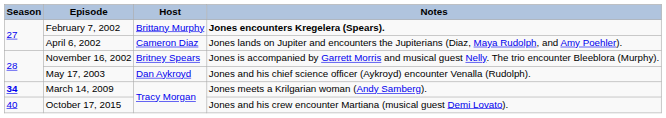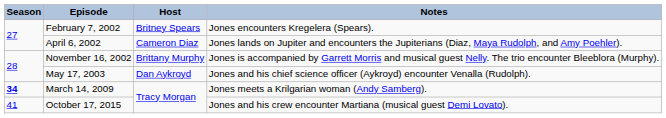 <table class="wikitable">
 <tr>
 <th style="background:#b0c4de;">Season</th>
 <th style="background:#b0c4de;">Episode</th>
 <th style="background:#b0c4de;">Host</th>
 <th style="background:#b0c4de;">Notes</th>
 </tr>
 <tr>
 <td rowspan="2"><a href='#'>27</a></td>
 <td>February 7, 2002</td>
-<td><a href='#'>Brittany Murphy</a></td>
-<td><strong>Jones encounters Kregelera (Spears).</strong></td>
+<td><a href='#'>Britney Spears</a></td>
+<td>Jones encounters Kregelera (Spears).</td>
 </tr>
 <tr>
 <td>April 6, 2002</td>
 <td><a href='#'>Cameron Diaz</a></td>
 <td>Jones lands on Jupiter and encounters the Jupiterians (Diaz, <a href='#'>Maya Rudolph</a>, and <a href='#'>Amy Poehler</a>).</td>
 </tr>
 <tr>
 <td rowspan="2"><a href='#'>28</a></td>
 <td>November 16, 2002</td>
-<td><a href='#'>Britney Spears</a></td>
+<td><a href='#'>Brittany Murphy</a></td>
 <td>Jones is accompanied by <a href='#'>Garrett Morris</a> and musical guest <a href='#'>Nelly</a>. The trio encounter Bleeblora (Murphy).</td>
 </tr>
 <tr>
 <td>May 17, 2003</td>
 <td><a href='#'>Dan Aykroyd</a></td>
 <td>Jones and his chief science officer (Aykroyd) encounter Venalla (Rudolph).</td>
 </tr>
 <tr>
 <td><strong><a href='#'>34</a></strong></td>
 <td>March 14, 2009</td>
 <td rowspan="2"><a href='#'>Tracy Morgan</a></td>
 <td>Jones meets a Krilgarian woman (<a href='#'>Andy Samberg</a>).</td>
 </tr>
 <tr>
-<td><a href='#'>40</a></td>
+<td><a href='#'>41</a></td>
 <td>October 17, 2015</td>
 <td>Jones and his crew encounter Martiana (musical guest <a href='#'>Demi Lovato</a>).</td>
 </tr>
 </table>
